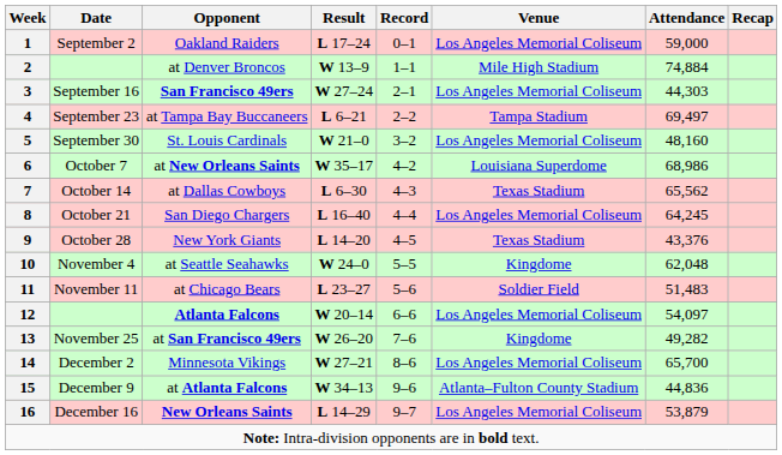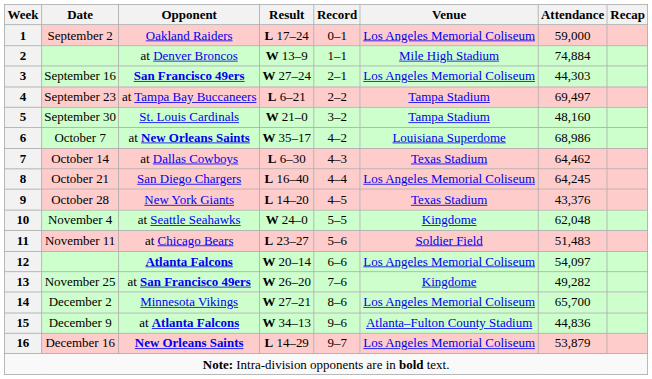 <table class="wikitable" style="text-align:center">
 <tr>
 <th>Week</th>
 <th>Date</th>
 <th>Opponent</th>
 <th>Result</th>
 <th>Record</th>
 <th>Venue</th>
 <th>Attendance</th>
 <th>Recap</th>
 </tr>
 <tr style="background:#fcc">
 <th>1</th>
 <td>September 2</td>
 <td><a href='#'>Oakland Raiders</a></td>
 <td><strong>L</strong> 17–24</td>
 <td>0–1</td>
 <td><a href='#'>Los Angeles Memorial Coliseum</a></td>
 <td>59,000</td>
 <td></td>
 </tr>
 <tr style="background:#cfc">
 <th>2</th>
 <td></td>
 <td>at <a href='#'>Denver Broncos</a></td>
 <td><strong>W</strong> 13–9</td>
 <td>1–1</td>
 <td><a href='#'>Mile High Stadium</a></td>
 <td>74,884</td>
 <td></td>
 </tr>
 <tr style="background:#cfc">
 <th>3</th>
 <td>September 16</td>
 <td><strong><a href='#'>San Francisco 49ers</a></strong></td>
 <td><strong>W</strong> 27–24</td>
 <td>2–1</td>
 <td><a href='#'>Los Angeles Memorial Coliseum</a></td>
 <td>44,303</td>
 <td></td>
 </tr>
 <tr style="background:#fcc">
 <th>4</th>
 <td>September 23</td>
 <td>at <a href='#'>Tampa Bay Buccaneers</a></td>
 <td><strong>L</strong> 6–21</td>
 <td>2–2</td>
 <td><a href='#'>Tampa Stadium</a></td>
 <td>69,497</td>
 <td></td>
 </tr>
 <tr style="background:#cfc">
 <th>5</th>
 <td>September 30</td>
 <td><a href='#'>St. Louis Cardinals</a></td>
 <td><strong>W</strong> 21–0</td>
 <td>3–2</td>
-<td><a href='#'>Los Angeles Memorial Coliseum</a></td>
+<td><a href='#'>Tampa Stadium</a></td>
 <td>48,160</td>
 <td></td>
 </tr>
 <tr style="background:#cfc">
 <th>6</th>
 <td>October 7</td>
 <td>at <strong><a href='#'>New Orleans Saints</a></strong></td>
 <td><strong>W</strong>  35–17</td>
 <td>4–2</td>
 <td><a href='#'>Louisiana Superdome</a></td>
 <td>68,986</td>
 <td></td>
 </tr>
 <tr style="background:#fcc">
 <th>7</th>
 <td>October 14</td>
 <td>at <a href='#'>Dallas Cowboys</a></td>
 <td><strong>L</strong> 6–30</td>
 <td>4–3</td>
 <td><a href='#'>Texas Stadium</a></td>
-<td>65,562</td>
+<td>64,462</td>
 <td></td>
 </tr>
 <tr style="background:#fcc">
 <th>8</th>
 <td>October 21</td>
 <td><a href='#'>San Diego Chargers</a></td>
 <td><strong>L</strong> 16–40</td>
 <td>4–4</td>
 <td><a href='#'>Los Angeles Memorial Coliseum</a></td>
 <td>64,245</td>
 <td></td>
 </tr>
 <tr style="background:#fcc">
 <th>9</th>
 <td>October 28</td>
 <td><a href='#'>New York Giants</a></td>
 <td><strong>L</strong> 14–20</td>
 <td>4–5</td>
 <td><a href='#'>Texas Stadium</a></td>
 <td>43,376</td>
 <td></td>
 </tr>
 <tr style="background:#cfc">
 <th>10</th>
 <td>November 4</td>
 <td>at <a href='#'>Seattle Seahawks</a></td>
 <td><strong>W</strong> 24–0</td>
 <td>5–5</td>
 <td><a href='#'>Kingdome</a></td>
 <td>62,048</td>
 <td></td>
 </tr>
 <tr style="background:#fcc">
 <th>11</th>
 <td>November 11</td>
 <td>at <a href='#'>Chicago Bears</a></td>
 <td><strong>L</strong> 23–27</td>
 <td>5–6</td>
 <td><a href='#'>Soldier Field</a></td>
 <td>51,483</td>
 <td></td>
 </tr>
 <tr style="background:#cfc">
 <th>12</th>
 <td></td>
 <td><strong><a href='#'>Atlanta Falcons</a></strong></td>
 <td><strong>W</strong> 20–14</td>
 <td>6–6</td>
 <td><a href='#'>Los Angeles Memorial Coliseum</a></td>
 <td>54,097</td>
 <td></td>
 </tr>
 <tr style="background:#cfc">
 <th>13</th>
 <td>November 25</td>
 <td>at <strong><a href='#'>San Francisco 49ers</a></strong></td>
 <td><strong>W</strong> 26–20</td>
 <td>7–6</td>
 <td><a href='#'>Kingdome</a></td>
 <td>49,282</td>
 <td></td>
 </tr>
 <tr style="background:#cfc">
 <th>14</th>
 <td>December  2</td>
 <td><a href='#'>Minnesota Vikings</a></td>
 <td><strong>W</strong> 27–21 </td>
 <td>8–6</td>
 <td><a href='#'>Los Angeles Memorial Coliseum</a></td>
 <td>65,700</td>
 <td></td>
 </tr>
 <tr style="background:#cfc">
 <th>15</th>
 <td>December 9</td>
 <td>at  <strong><a href='#'>Atlanta Falcons</a></strong></td>
 <td><strong>W</strong>  34–13</td>
 <td>9–6</td>
 <td><a href='#'>Atlanta–Fulton County Stadium</a></td>
 <td>44,836</td>
 <td></td>
 </tr>
 <tr style="background:#fcc">
 <th>16</th>
 <td>December 16</td>
 <td><strong><a href='#'>New Orleans Saints</a></strong></td>
 <td><strong>L</strong> 14–29</td>
 <td>9–7</td>
 <td><a href='#'>Los Angeles Memorial Coliseum</a></td>
 <td>53,879</td>
 <td></td>
 </tr>
 <tr>
 <td colspan="10"><strong>Note:</strong> Intra-division opponents are in <strong>bold</strong> text.</td>
 </tr>
 </table>
